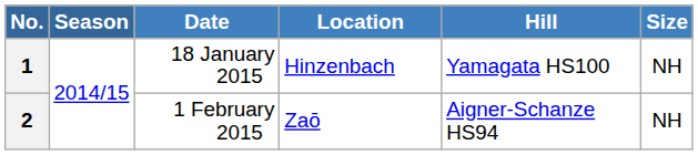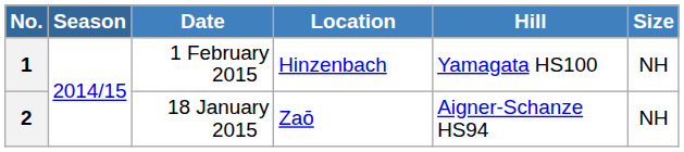 <table class="wikitable sortable" style="font-size:86%; line-height:15px; text-align:left; border:grey solid 1px; border-collapse:collapse; background:#ffffff;">
 <tr style="background:#efefef;">
 <th style="background-color:#369; color:white; width:10px;">No.</th>
 <th style="background-color:#369; color:white;  width:30px;">Season</th>
 <th style="background-color:#4180be; color:white; width:89px;">Date</th>
 <th style="background-color:#4180be; color:white; width:100px;">Location</th>
 <th style="background-color:#4180be; color:white; width:125px;">Hill</th>
 <th style="background-color:#4180be; color:white; width:25px;">Size</th>
 </tr>
 <tr>
 <th scope=row style="text-align:center;">1</th>
 <td align=center rowspan=2><a href='#'>2014/15</a></td>
-<td align=right>18 January 2015  </td>
+<td align=right>1 February 2015  </td>
 <td> <a href='#'>Hinzenbach</a></td>
 <td><a href='#'>Yamagata</a> HS100</td>
 <td align=center>NH</td>
 </tr>
 <tr>
 <th scope=row style="text-align:center;">2</th>
-<td align=right>1 February 2015  </td>
+<td align=right>18 January 2015  </td>
 <td> <a href='#'>Zaō</a></td>
 <td><a href='#'>Aigner-Schanze</a> HS94</td>
 <td align=center>NH</td>
 </tr>
 </table>
